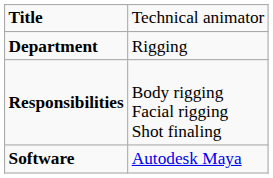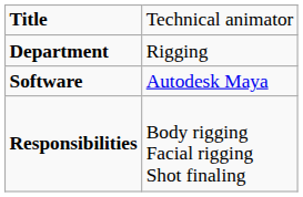 <table class="wikitable">
 <tr>
 <td><strong>Title</strong></td>
 <td>Technical animator</td>
 </tr>
 <tr>
 <td><strong>Department</strong></td>
 <td>Rigging</td>
 </tr>
 <tr>
+<td><strong>Software</strong></td>
+<td><a href='#'>Autodesk Maya</a></td>
+</tr>
+<tr>
 <td><strong>Responsibilities</strong></td>
 <td><br>Body rigging<br> Facial rigging<br> Shot finaling<br></td>
 </tr>
-<tr>
-<td><strong>Software</strong></td>
-<td><a href='#'>Autodesk Maya</a></td>
-</tr>
 </table>
